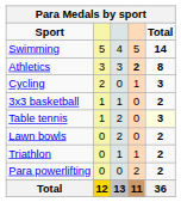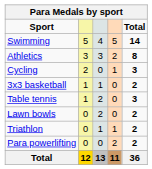 <table class="wikitable" style="font-size:85%;float:right;text-align:center">
 <tr bgcolor=EFEFEF>
 <th colspan=5>Para Medals by sport</th>
 </tr>
 <tr>
 <td><strong>Sport</strong></td>
 <td bgcolor=F7F6A8></td>
 <td bgcolor=DCE5E5></td>
 <td bgcolor=FFDAB9></td>
 <td><strong>Total</strong></td>
 </tr>
 <tr>
 <td align=left><a href='#'>Swimming</a></td>
 <td bgcolor=F7F6A8>5</td>
 <td bgcolor=DCE5E5>4</td>
 <td bgcolor=FFDAB9>5</td>
 <td><strong>14</strong></td>
 </tr>
 <tr>
 <td align=left><a href='#'>Athletics</a></td>
 <td bgcolor=F7F6A8>3</td>
 <td bgcolor=DCE5E5>3</td>
-<td bgcolor=FFDAB9><strong>2</strong></td>
+<td bgcolor=FFDAB9>2</td>
 <td><strong>8</strong></td>
 </tr>
 <tr>
 <td align=left><a href='#'>Cycling</a></td>
 <td bgcolor=F7F6A8>2</td>
 <td bgcolor=DCE5E5>0</td>
 <td bgcolor=FFDAB9>1</td>
 <td><strong>3</strong></td>
 </tr>
 <tr>
 <td align=left><a href='#'>3x3 basketball</a></td>
 <td bgcolor=F7F6A8>1</td>
 <td bgcolor=DCE5E5>1</td>
 <td bgcolor=FFDAB9>0</td>
 <td><strong>2</strong></td>
 </tr>
 <tr>
 <td align=left><a href='#'>Table tennis</a></td>
 <td bgcolor=F7F6A8>1</td>
 <td bgcolor=DCE5E5>2</td>
 <td bgcolor=FFDAB9>0</td>
-<td style="background: lightyellow;"><strong>3</strong></td>
+<td><strong>3</strong></td>
 </tr>
 <tr>
 <td align=left><a href='#'>Lawn bowls</a></td>
 <td bgcolor=F7F6A8>0</td>
 <td bgcolor=DCE5E5>2</td>
 <td bgcolor=FFDAB9>0</td>
 <td><strong>2</strong></td>
 </tr>
 <tr>
 <td align=left><a href='#'>Triathlon</a></td>
 <td bgcolor=F7F6A8>0</td>
 <td bgcolor=DCE5E5>1</td>
 <td bgcolor=FFDAB9>1</td>
 <td><strong>2</strong></td>
 </tr>
 <tr>
 <td align=left><a href='#'>Para powerlifting</a></td>
 <td bgcolor=F7F6A8>0</td>
 <td bgcolor=DCE5E5>0</td>
 <td bgcolor=FFDAB9>2</td>
 <td><strong>2</strong></td>
 </tr>
 <tr>
 <th>Total</th>
 <th style="background:gold;">12</th>
 <th style="background:silver;">13</th>
 <th style="background:#c96;">11</th>
 <th>36</th>
 </tr>
 </table>
